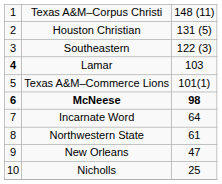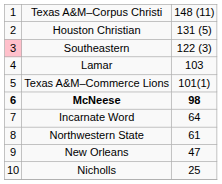 <table class="wikitable">
 <tr align="center">
 <td>1</td>
 <td>Texas A&M–Corpus Christi</td>
 <td>148 (11)</td>
 </tr>
 <tr align="center">
 <td>2</td>
 <td>Houston Christian</td>
 <td>131 (5)</td>
 </tr>
 <tr align="center">
-<td>3</td>
+<td style="background: pink;">3</td>
 <td>Southeastern</td>
 <td>122 (3)</td>
 </tr>
 <tr align="center">
-<td><strong>4</strong></td>
+<td>4</td>
 <td>Lamar</td>
 <td>103</td>
 </tr>
 <tr align="center">
 <td>5</td>
 <td>Texas A&M–Commerce Lions</td>
 <td>101(1)</td>
 </tr>
 <tr align="center">
 <td><strong>6</strong></td>
 <td><strong>McNeese</strong></td>
 <td><strong>98</strong></td>
 </tr>
 <tr align="center">
 <td>7</td>
 <td>Incarnate Word</td>
 <td>64</td>
 </tr>
 <tr align="center">
 <td>8</td>
 <td>Northwestern State</td>
 <td>61</td>
 </tr>
 <tr align="center">
 <td>9</td>
 <td>New Orleans</td>
 <td>47</td>
 </tr>
 <tr align="center">
 <td>10</td>
 <td>Nicholls</td>
 <td>25</td>
 </tr>
 <tr align="center">
 </tr>
 </table>
